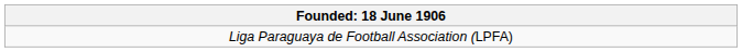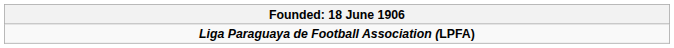 <table class="wikitable" border="1" style="font-size: 95%; margin: 10px auto; text-align: center; width: 65%;">
 <tr>
 <th bgcolor="#ddd">Founded: 18 June 1906</th>
 </tr>
 <tr>
-<td><em>Liga Paraguaya de Football Association (</em>LPFA)</td>
+<td><strong><em>Liga Paraguaya de Football Association (</em>LPFA)</strong></td>
 </tr>
 </table>
